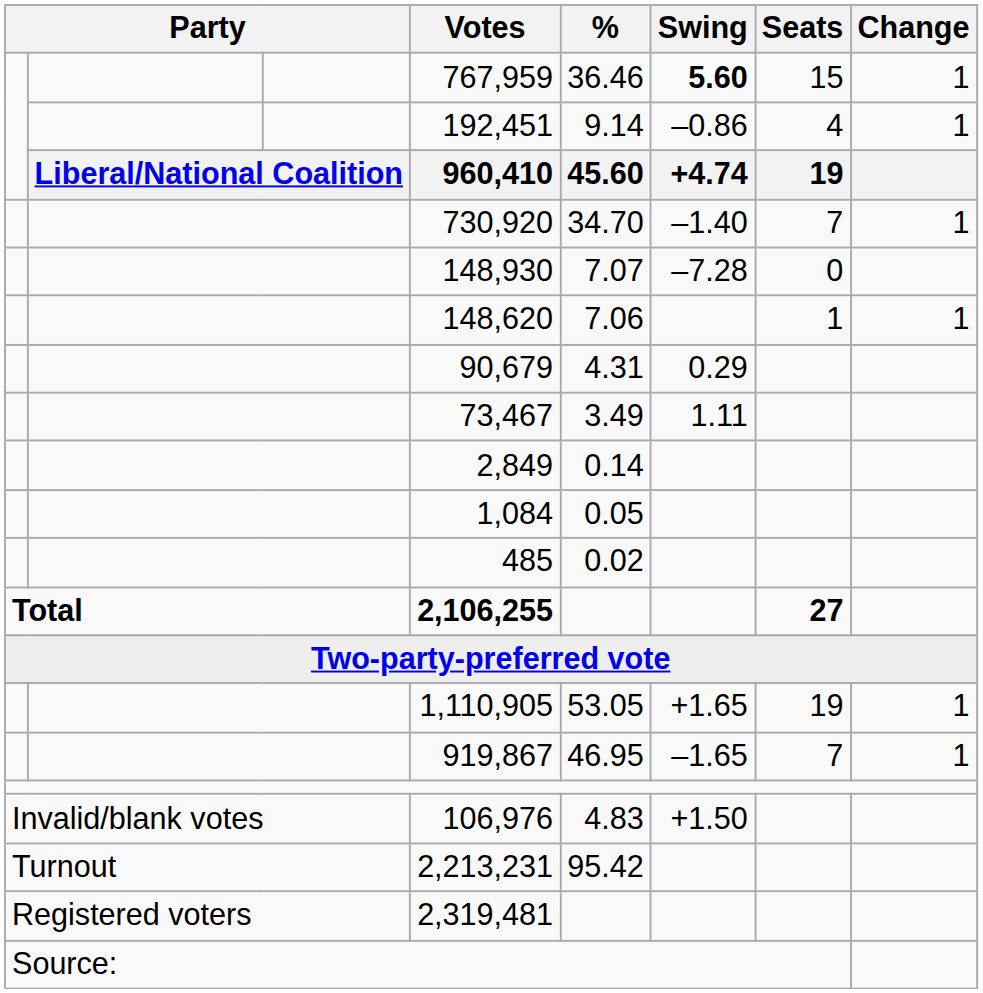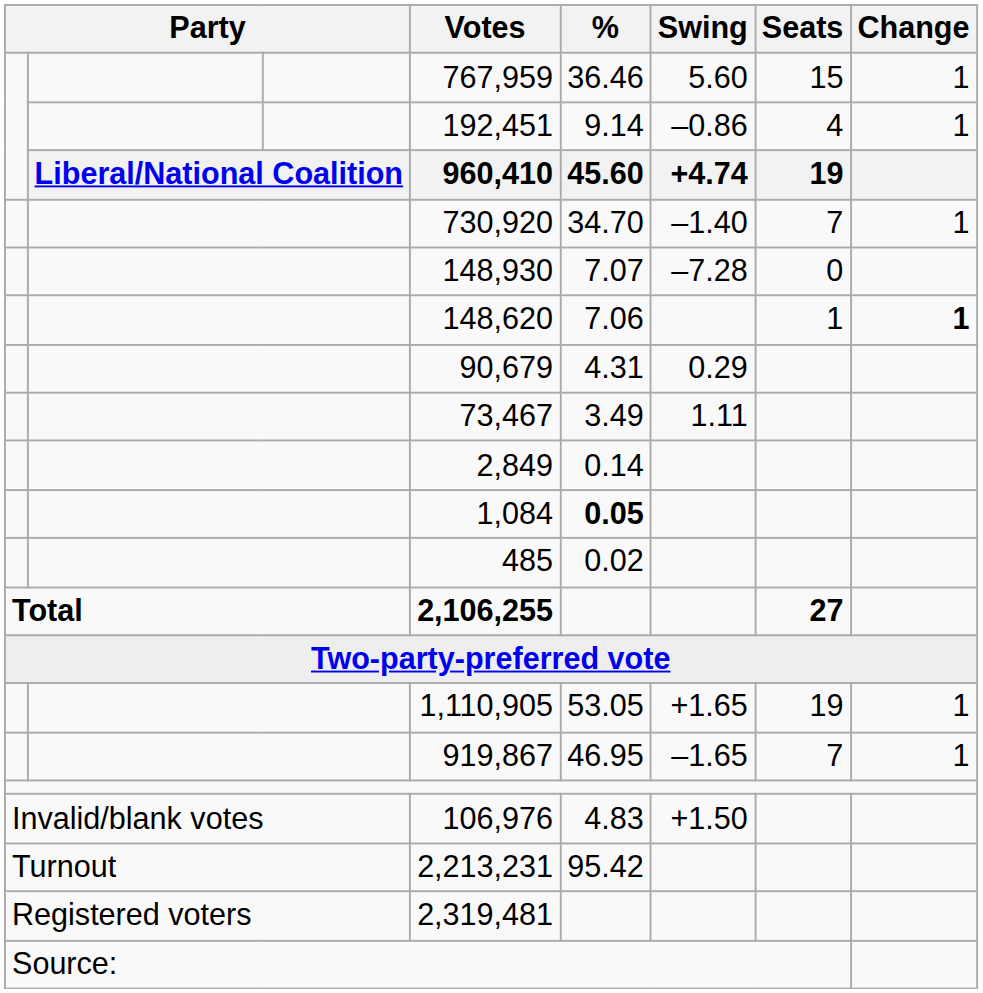 <table class="wikitable">
 <tr>
 <th style="width:200px" colspan=3><strong>Party</strong></th>
 <th style="width:70px; text-align:center;"><strong>Votes</strong></th>
 <th style="width:40px; text-align:center;"><strong>%</strong></th>
 <th style="width:40px; text-align:center;"><strong>Swing</strong></th>
 <th style="width:40px; text-align:center;"><strong>Seats</strong></th>
 <th style="width:40px; text-align:center;"><strong>Change</strong></th>
 </tr>
 <tr>
 <td rowspan=3> </td>
 <td> </td>
 <td></td>
 <td align=right>767,959</td>
 <td align=right>36.46</td>
-<td align=right><strong>5.60</strong></td>
+<td align=right>5.60</td>
 <td align=right>15</td>
 <td align=right> 1</td>
 </tr>
 <tr>
 <td> </td>
 <td></td>
 <td align=right>192,451</td>
 <td align=right>9.14</td>
 <td align=right>–0.86</td>
 <td align=right>4</td>
 <td align=right> 1</td>
 </tr>
 <tr>
 <th colspan="2" style="text-align:left;"><a href='#'>Liberal/National Coalition</a></th>
 <th style="text-align:right;">960,410</th>
 <th style="text-align:right;">45.60</th>
 <th style="text-align:right;">+4.74</th>
 <th style="text-align:right;">19</th>
 <th style="text-align:right;"></th>
 </tr>
 <tr>
 <td> </td>
 <td colspan=2></td>
 <td align=right>730,920</td>
 <td align=right>34.70</td>
 <td align=right>–1.40</td>
 <td align=right>7</td>
 <td align=right> 1</td>
 </tr>
 <tr>
 <td> </td>
 <td colspan=2></td>
 <td align=right>148,930</td>
 <td align=right>7.07</td>
 <td align=right>–7.28</td>
 <td align=right>0</td>
 <td align=right></td>
 </tr>
 <tr>
 <td> </td>
 <td colspan=2></td>
 <td align=right>148,620</td>
 <td align=right>7.06</td>
 <td align=right></td>
 <td align=right>1</td>
-<td align=right> 1</td>
+<td align=right><strong> 1</strong></td>
 </tr>
 <tr>
 <td> </td>
 <td colspan=2></td>
 <td align=right>90,679</td>
 <td align=right>4.31</td>
 <td align=right>0.29</td>
 <td align=right></td>
 <td align=right></td>
 </tr>
 <tr>
 <td> </td>
 <td colspan=2></td>
 <td align=right>73,467</td>
 <td align=right>3.49</td>
 <td align=right>1.11</td>
 <td align=right></td>
 <td align=right></td>
 </tr>
 <tr>
 <td> </td>
 <td colspan=2></td>
 <td align=right>2,849</td>
 <td align=right>0.14</td>
 <td align=right></td>
 <td align=right></td>
 <td align=right></td>
 </tr>
 <tr>
 <td> </td>
 <td colspan=2></td>
 <td align=right>1,084</td>
-<td align=right>0.05</td>
+<td align=right><strong>0.05</strong></td>
 <td align=right></td>
 <td align=right></td>
 <td align=right></td>
 </tr>
 <tr>
 <td> </td>
 <td colspan=2></td>
 <td align=right>485</td>
 <td align=right>0.02</td>
 <td align=right></td>
 <td align=right></td>
 <td align=right></td>
 </tr>
 <tr>
 <td colspan=3 align=left><strong>Total</strong></td>
 <td align=right><strong>2,106,255</strong></td>
 <td align=right></td>
 <td align=right></td>
 <td align=right><strong>27</strong></td>
 <td align=right></td>
 </tr>
 <tr>
 <td colspan="8" style="text-align:center; background:#eee;"><strong><a href='#'>Two-party-preferred vote</a></strong></td>
 </tr>
 <tr>
 <td> </td>
 <td colspan=2></td>
 <td align=right>1,110,905</td>
 <td align=right>53.05</td>
 <td align=right>+1.65</td>
 <td align=right>19</td>
 <td align=right> 1</td>
 </tr>
 <tr>
 <td> </td>
 <td colspan=2></td>
 <td align=right>919,867</td>
 <td align=right>46.95</td>
 <td align=right>–1.65</td>
 <td align=right>7</td>
 <td align=right> 1</td>
 </tr>
 <tr>
 <td colspan=9></td>
 </tr>
 <tr>
 <td style="text-align:left;" colspan="3">Invalid/blank votes</td>
 <td align=right>106,976</td>
 <td align=right>4.83</td>
 <td align=right>+1.50</td>
 <td></td>
 <td></td>
 </tr>
 <tr>
 <td style="text-align:left;" colspan="3">Turnout</td>
 <td align=right>2,213,231</td>
 <td align=right>95.42</td>
 <td align=right></td>
 <td></td>
 <td></td>
 </tr>
 <tr>
 <td style="text-align:left;" colspan="3">Registered voters</td>
 <td align=right>2,319,481</td>
 <td></td>
 <td></td>
 <td></td>
 <td></td>
 </tr>
 <tr>
 <td align=left colspan=7>Source: </td>
 </tr>
 </table>
